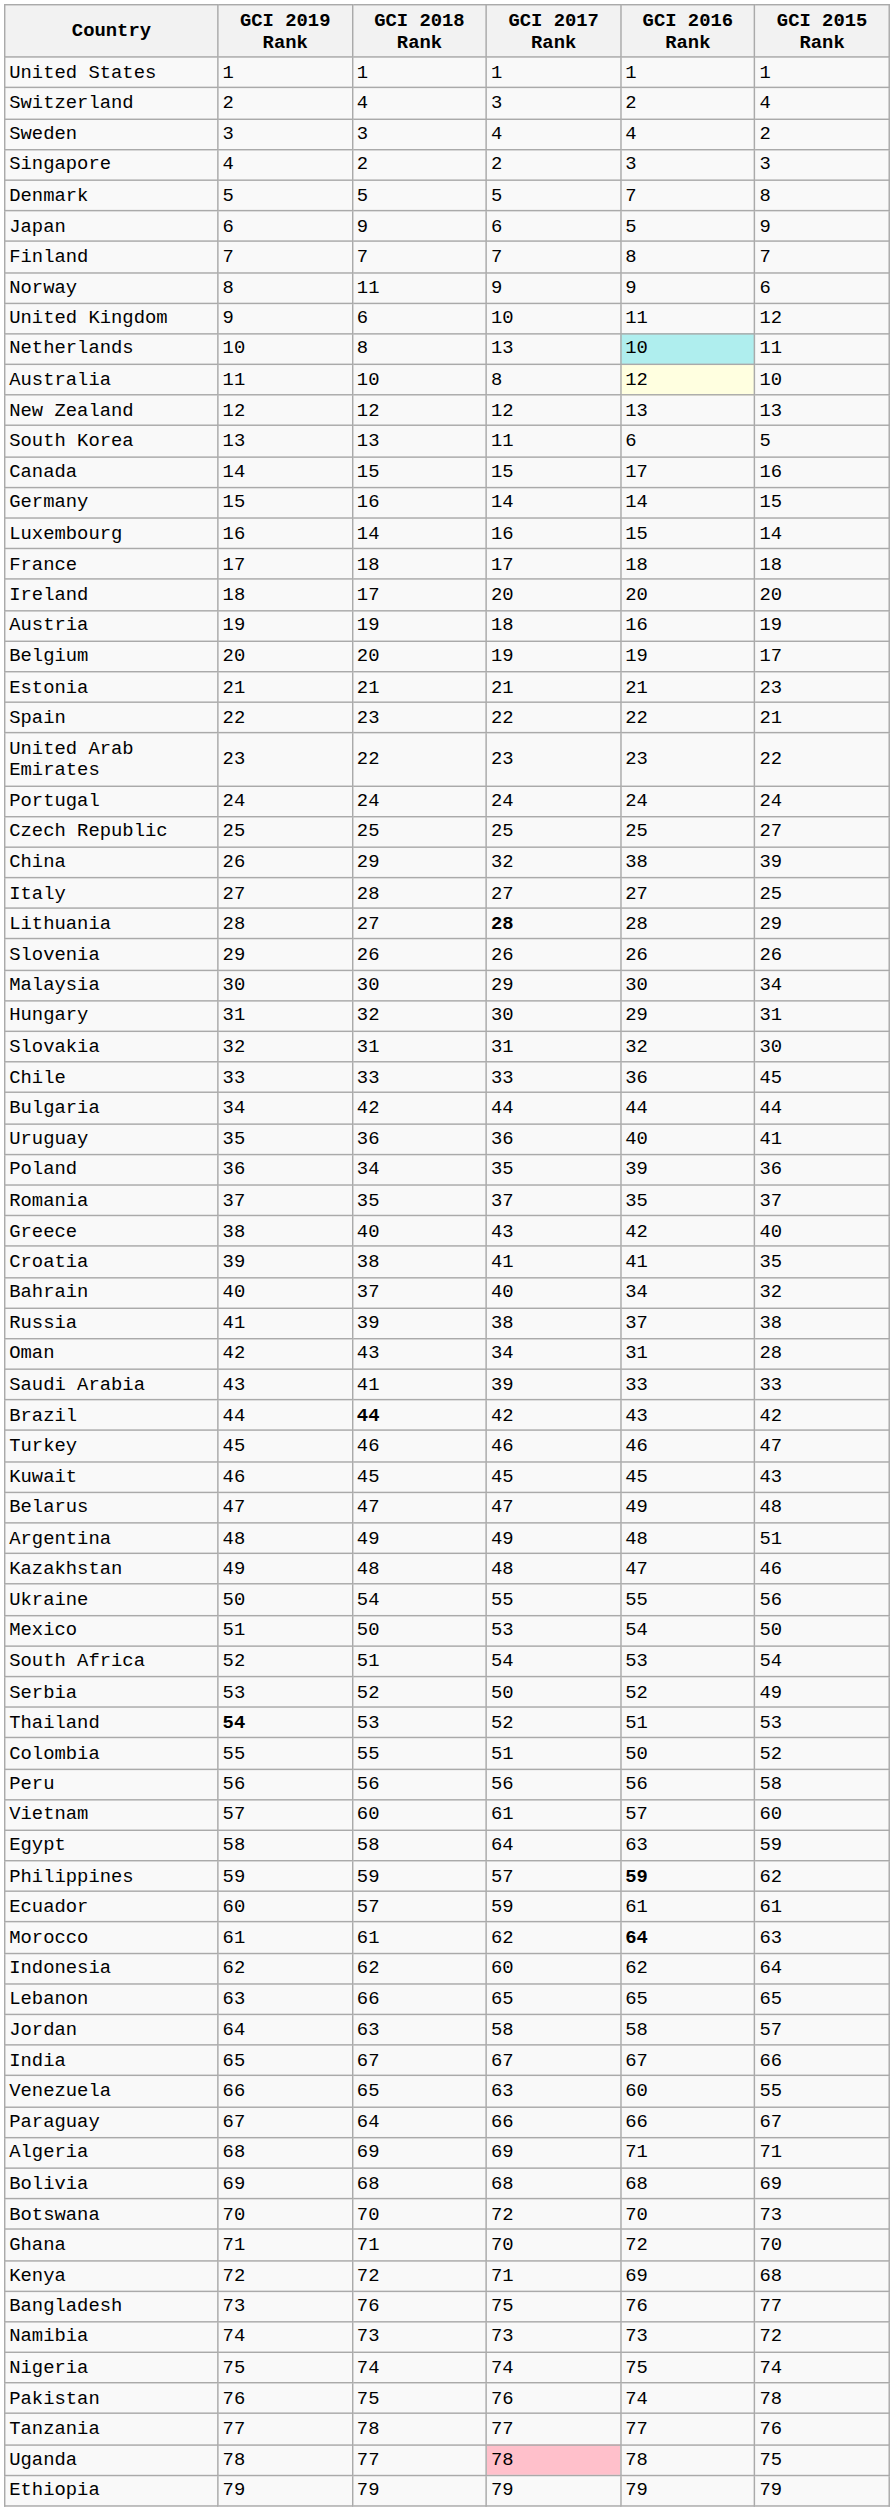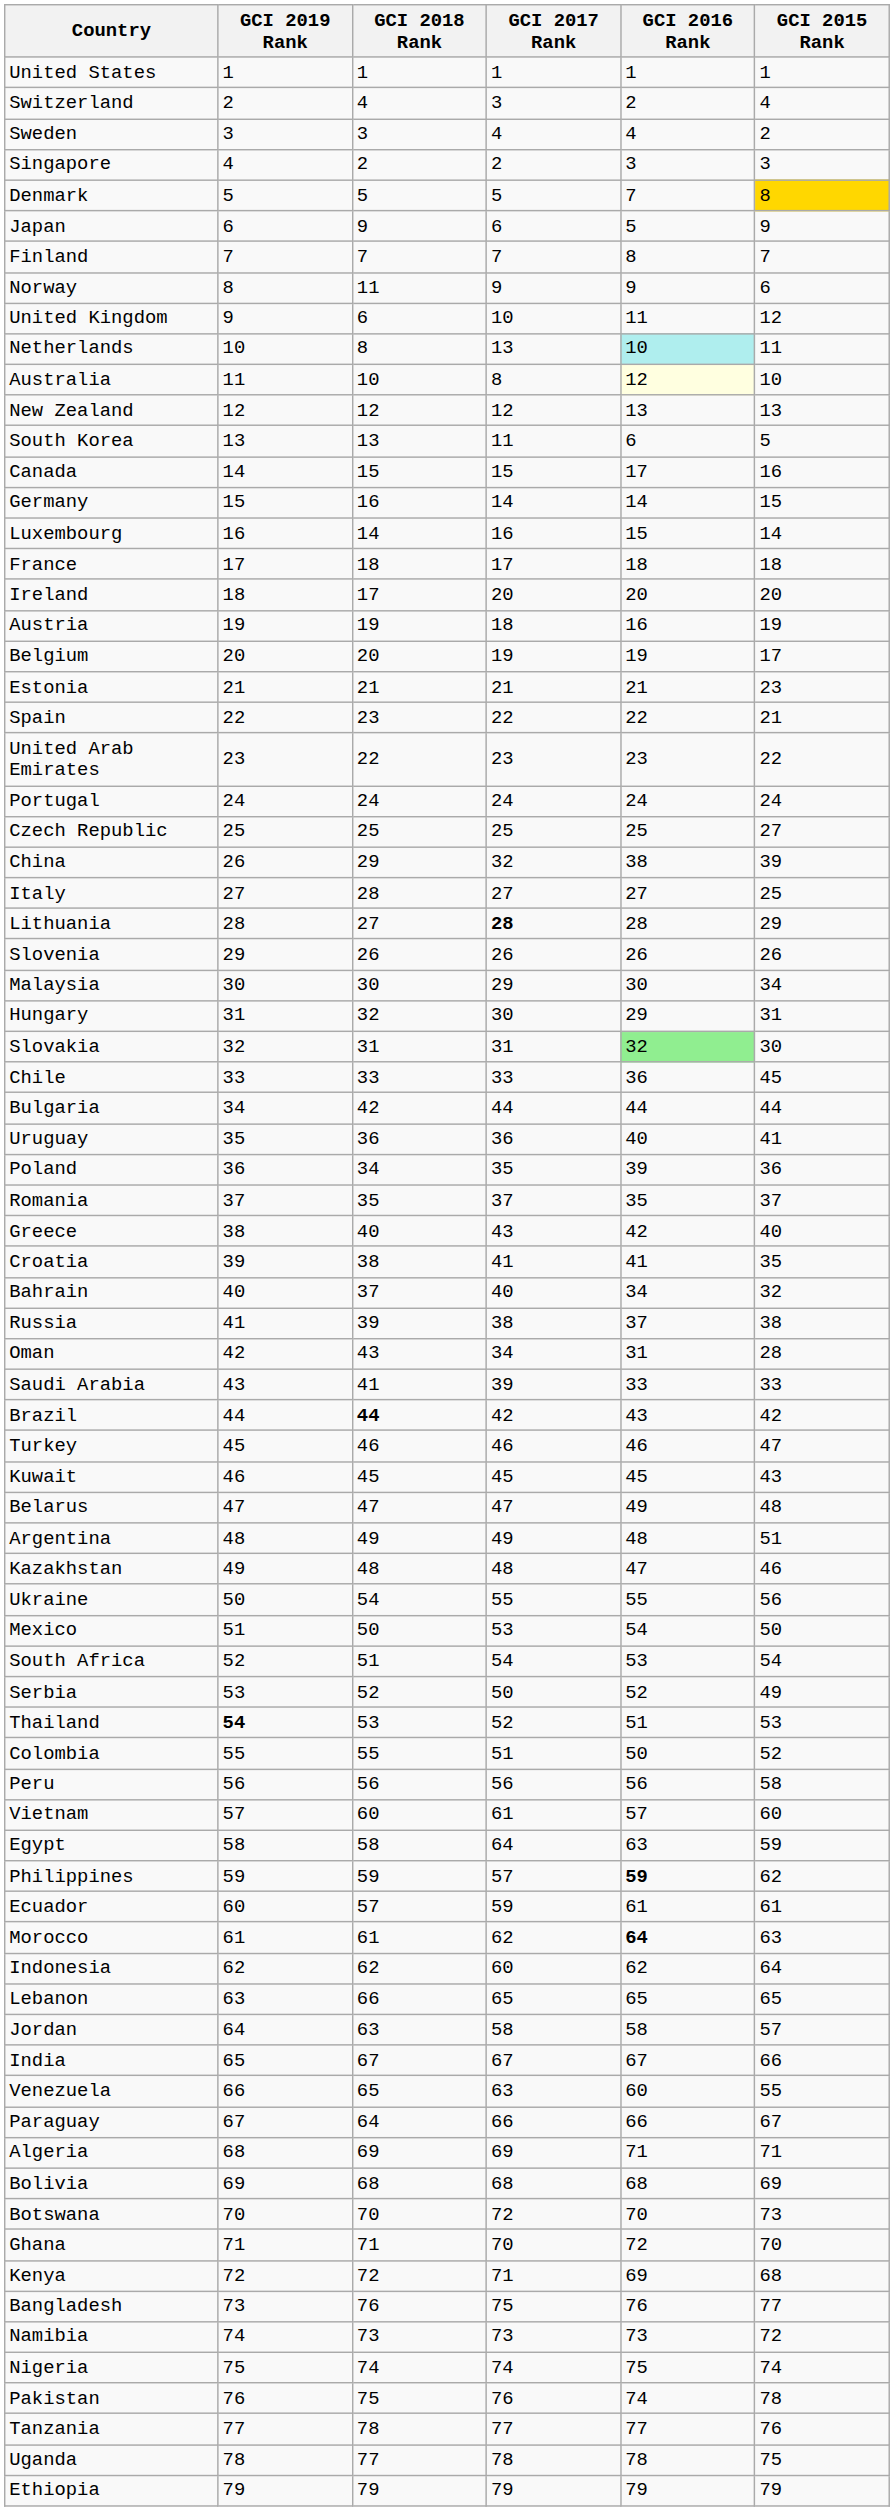 <table class="wikitable">
 <tr>
 <th>Country</th>
 <th>GCI 2019 Rank</th>
 <th>GCI 2018 Rank</th>
 <th>GCI 2017 Rank</th>
 <th>GCI 2016 Rank</th>
 <th>GCI 2015 Rank</th>
 </tr>
 <tr>
 <td>United States</td>
 <td>1</td>
 <td>1</td>
 <td>1</td>
 <td>1</td>
 <td>1</td>
 </tr>
 <tr>
 <td>Switzerland</td>
 <td>2</td>
 <td>4</td>
 <td>3</td>
 <td>2</td>
 <td>4</td>
 </tr>
 <tr>
 <td>Sweden</td>
 <td>3</td>
 <td>3</td>
 <td>4</td>
 <td>4</td>
 <td>2</td>
 </tr>
 <tr>
 <td>Singapore</td>
 <td>4</td>
 <td>2</td>
 <td>2</td>
 <td>3</td>
 <td>3</td>
 </tr>
 <tr>
 <td>Denmark</td>
 <td>5</td>
 <td>5</td>
 <td>5</td>
 <td>7</td>
-<td>8</td>
+<td style="background: gold;">8</td>
 </tr>
 <tr>
 <td>Japan</td>
 <td>6</td>
 <td>9</td>
 <td>6</td>
 <td>5</td>
 <td>9</td>
 </tr>
 <tr>
 <td>Finland</td>
 <td>7</td>
 <td>7</td>
 <td>7</td>
 <td>8</td>
 <td>7</td>
 </tr>
 <tr>
 <td>Norway</td>
 <td>8</td>
 <td>11</td>
 <td>9</td>
 <td>9</td>
 <td>6</td>
 </tr>
 <tr>
 <td>United Kingdom</td>
 <td>9</td>
 <td>6</td>
 <td>10</td>
 <td>11</td>
 <td>12</td>
 </tr>
 <tr>
 <td>Netherlands</td>
 <td>10</td>
 <td>8</td>
 <td>13</td>
 <td style="background: paleturquoise;">10</td>
 <td>11</td>
 </tr>
 <tr>
 <td>Australia</td>
 <td>11</td>
 <td>10</td>
 <td>8</td>
 <td style="background: lightyellow;">12</td>
 <td>10</td>
 </tr>
 <tr>
 <td>New Zealand</td>
 <td>12</td>
 <td>12</td>
 <td>12</td>
 <td>13</td>
 <td>13</td>
 </tr>
 <tr>
 <td>South Korea</td>
 <td>13</td>
 <td>13</td>
 <td>11</td>
 <td>6</td>
 <td>5</td>
 </tr>
 <tr>
 <td>Canada</td>
 <td>14</td>
 <td>15</td>
 <td>15</td>
 <td>17</td>
 <td>16</td>
 </tr>
 <tr>
 <td>Germany</td>
 <td>15</td>
 <td>16</td>
 <td>14</td>
 <td>14</td>
 <td>15</td>
 </tr>
 <tr>
 <td>Luxembourg</td>
 <td>16</td>
 <td>14</td>
 <td>16</td>
 <td>15</td>
 <td>14</td>
 </tr>
 <tr>
 <td>France</td>
 <td>17</td>
 <td>18</td>
 <td>17</td>
 <td>18</td>
 <td>18</td>
 </tr>
 <tr>
 <td>Ireland</td>
 <td>18</td>
 <td>17</td>
 <td>20</td>
 <td>20</td>
 <td>20</td>
 </tr>
 <tr>
 <td>Austria</td>
 <td>19</td>
 <td>19</td>
 <td>18</td>
 <td>16</td>
 <td>19</td>
 </tr>
 <tr>
 <td>Belgium</td>
 <td>20</td>
 <td>20</td>
 <td>19</td>
 <td>19</td>
 <td>17</td>
 </tr>
 <tr>
 <td>Estonia</td>
 <td>21</td>
 <td>21</td>
 <td>21</td>
 <td>21</td>
 <td>23</td>
 </tr>
 <tr>
 <td>Spain</td>
 <td>22</td>
 <td>23</td>
 <td>22</td>
 <td>22</td>
 <td>21</td>
 </tr>
 <tr>
 <td>United Arab Emirates</td>
 <td>23</td>
 <td>22</td>
 <td>23</td>
 <td>23</td>
 <td>22</td>
 </tr>
 <tr>
 <td>Portugal</td>
 <td>24</td>
 <td>24</td>
 <td>24</td>
 <td>24</td>
 <td>24</td>
 </tr>
 <tr>
 <td>Czech Republic</td>
 <td>25</td>
 <td>25</td>
 <td>25</td>
 <td>25</td>
 <td>27</td>
 </tr>
 <tr>
 <td>China</td>
 <td>26</td>
 <td>29</td>
 <td>32</td>
 <td>38</td>
 <td>39</td>
 </tr>
 <tr>
 <td>Italy</td>
 <td>27</td>
 <td>28</td>
 <td>27</td>
 <td>27</td>
 <td>25</td>
 </tr>
 <tr>
 <td>Lithuania</td>
 <td>28</td>
 <td>27</td>
 <td><strong>28</strong></td>
 <td>28</td>
 <td>29</td>
 </tr>
 <tr>
 <td>Slovenia</td>
 <td>29</td>
 <td>26</td>
 <td>26</td>
 <td>26</td>
 <td>26</td>
 </tr>
 <tr>
 <td>Malaysia</td>
 <td>30</td>
 <td>30</td>
 <td>29</td>
 <td>30</td>
 <td>34</td>
 </tr>
 <tr>
 <td>Hungary</td>
 <td>31</td>
 <td>32</td>
 <td>30</td>
 <td>29</td>
 <td>31</td>
 </tr>
 <tr>
 <td>Slovakia</td>
 <td>32</td>
 <td>31</td>
 <td>31</td>
-<td>32</td>
+<td style="background: lightgreen;">32</td>
 <td>30</td>
 </tr>
 <tr>
 <td>Chile</td>
 <td>33</td>
 <td>33</td>
 <td>33</td>
 <td>36</td>
 <td>45</td>
 </tr>
 <tr>
 <td>Bulgaria</td>
 <td>34</td>
 <td>42</td>
 <td>44</td>
 <td>44</td>
 <td>44</td>
 </tr>
 <tr>
 <td>Uruguay</td>
 <td>35</td>
 <td>36</td>
 <td>36</td>
 <td>40</td>
 <td>41</td>
 </tr>
 <tr>
 <td>Poland</td>
 <td>36</td>
 <td>34</td>
 <td>35</td>
 <td>39</td>
 <td>36</td>
 </tr>
 <tr>
 <td>Romania</td>
 <td>37</td>
 <td>35</td>
 <td>37</td>
 <td>35</td>
 <td>37</td>
 </tr>
 <tr>
 <td>Greece</td>
 <td>38</td>
 <td>40</td>
 <td>43</td>
 <td>42</td>
 <td>40</td>
 </tr>
 <tr>
 <td>Croatia</td>
 <td>39</td>
 <td>38</td>
 <td>41</td>
 <td>41</td>
 <td>35</td>
 </tr>
 <tr>
 <td>Bahrain</td>
 <td>40</td>
 <td>37</td>
 <td>40</td>
 <td>34</td>
 <td>32</td>
 </tr>
 <tr>
 <td>Russia</td>
 <td>41</td>
 <td>39</td>
 <td>38</td>
 <td>37</td>
 <td>38</td>
 </tr>
 <tr>
 <td>Oman</td>
 <td>42</td>
 <td>43</td>
 <td>34</td>
 <td>31</td>
 <td>28</td>
 </tr>
 <tr>
 <td>Saudi Arabia</td>
 <td>43</td>
 <td>41</td>
 <td>39</td>
 <td>33</td>
 <td>33</td>
 </tr>
 <tr>
 <td>Brazil</td>
 <td>44</td>
 <td><strong>44</strong></td>
 <td>42</td>
 <td>43</td>
 <td>42</td>
 </tr>
 <tr>
 <td>Turkey</td>
 <td>45</td>
 <td>46</td>
 <td>46</td>
 <td>46</td>
 <td>47</td>
 </tr>
 <tr>
 <td>Kuwait</td>
 <td>46</td>
 <td>45</td>
 <td>45</td>
 <td>45</td>
 <td>43</td>
 </tr>
 <tr>
 <td>Belarus</td>
 <td>47</td>
 <td>47</td>
 <td>47</td>
 <td>49</td>
 <td>48</td>
 </tr>
 <tr>
 <td>Argentina</td>
 <td>48</td>
 <td>49</td>
 <td>49</td>
 <td>48</td>
 <td>51</td>
 </tr>
 <tr>
 <td>Kazakhstan</td>
 <td>49</td>
 <td>48</td>
 <td>48</td>
 <td>47</td>
 <td>46</td>
 </tr>
 <tr>
 <td>Ukraine</td>
 <td>50</td>
 <td>54</td>
 <td>55</td>
 <td>55</td>
 <td>56</td>
 </tr>
 <tr>
 <td>Mexico</td>
 <td>51</td>
 <td>50</td>
 <td>53</td>
 <td>54</td>
 <td>50</td>
 </tr>
 <tr>
 <td>South Africa</td>
 <td>52</td>
 <td>51</td>
 <td>54</td>
 <td>53</td>
 <td>54</td>
 </tr>
 <tr>
 <td>Serbia</td>
 <td>53</td>
 <td>52</td>
 <td>50</td>
 <td>52</td>
 <td>49</td>
 </tr>
 <tr>
 <td>Thailand</td>
 <td><strong>54</strong></td>
 <td>53</td>
 <td>52</td>
 <td>51</td>
 <td>53</td>
 </tr>
 <tr>
 <td>Colombia</td>
 <td>55</td>
 <td>55</td>
 <td>51</td>
 <td>50</td>
 <td>52</td>
 </tr>
 <tr>
 <td>Peru</td>
 <td>56</td>
 <td>56</td>
 <td>56</td>
 <td>56</td>
 <td>58</td>
 </tr>
 <tr>
 <td>Vietnam</td>
 <td>57</td>
 <td>60</td>
 <td>61</td>
 <td>57</td>
 <td>60</td>
 </tr>
 <tr>
 <td>Egypt</td>
 <td>58</td>
 <td>58</td>
 <td>64</td>
 <td>63</td>
 <td>59</td>
 </tr>
 <tr>
 <td>Philippines</td>
 <td>59</td>
 <td>59</td>
 <td>57</td>
 <td><strong>59</strong></td>
 <td>62</td>
 </tr>
 <tr>
 <td>Ecuador</td>
 <td>60</td>
 <td>57</td>
 <td>59</td>
 <td>61</td>
 <td>61</td>
 </tr>
 <tr>
 <td>Morocco</td>
 <td>61</td>
 <td>61</td>
 <td>62</td>
 <td><strong>64</strong></td>
 <td>63</td>
 </tr>
 <tr>
 <td>Indonesia</td>
 <td>62</td>
 <td>62</td>
 <td>60</td>
 <td>62</td>
 <td>64</td>
 </tr>
 <tr>
 <td>Lebanon</td>
 <td>63</td>
 <td>66</td>
 <td>65</td>
 <td>65</td>
 <td>65</td>
 </tr>
 <tr>
 <td>Jordan</td>
 <td>64</td>
 <td>63</td>
 <td>58</td>
 <td>58</td>
 <td>57</td>
 </tr>
 <tr>
 <td>India</td>
 <td>65</td>
 <td>67</td>
 <td>67</td>
 <td>67</td>
 <td>66</td>
 </tr>
 <tr>
 <td>Venezuela</td>
 <td>66</td>
 <td>65</td>
 <td>63</td>
 <td>60</td>
 <td>55</td>
 </tr>
 <tr>
 <td>Paraguay</td>
 <td>67</td>
 <td>64</td>
 <td>66</td>
 <td>66</td>
 <td>67</td>
 </tr>
 <tr>
 <td>Algeria</td>
 <td>68</td>
 <td>69</td>
 <td>69</td>
 <td>71</td>
 <td>71</td>
 </tr>
 <tr>
 <td>Bolivia</td>
 <td>69</td>
 <td>68</td>
 <td>68</td>
 <td>68</td>
 <td>69</td>
 </tr>
 <tr>
 <td>Botswana</td>
 <td>70</td>
 <td>70</td>
 <td>72</td>
 <td>70</td>
 <td>73</td>
 </tr>
 <tr>
 <td>Ghana</td>
 <td>71</td>
 <td>71</td>
 <td>70</td>
 <td>72</td>
 <td>70</td>
 </tr>
 <tr>
 <td>Kenya</td>
 <td>72</td>
 <td>72</td>
 <td>71</td>
 <td>69</td>
 <td>68</td>
 </tr>
 <tr>
 <td>Bangladesh</td>
 <td>73</td>
 <td>76</td>
 <td>75</td>
 <td>76</td>
 <td>77</td>
 </tr>
 <tr>
 <td>Namibia</td>
 <td>74</td>
 <td>73</td>
 <td>73</td>
 <td>73</td>
 <td>72</td>
 </tr>
 <tr>
 <td>Nigeria</td>
 <td>75</td>
 <td>74</td>
 <td>74</td>
 <td>75</td>
 <td>74</td>
 </tr>
 <tr>
 <td>Pakistan</td>
 <td>76</td>
 <td>75</td>
 <td>76</td>
 <td>74</td>
 <td>78</td>
 </tr>
 <tr>
 <td>Tanzania</td>
 <td>77</td>
 <td>78</td>
 <td>77</td>
 <td>77</td>
 <td>76</td>
 </tr>
 <tr>
 <td>Uganda</td>
 <td>78</td>
 <td>77</td>
-<td style="background: pink;">78</td>
+<td>78</td>
 <td>78</td>
 <td>75</td>
 </tr>
 <tr>
 <td>Ethiopia</td>
 <td>79</td>
 <td>79</td>
 <td>79</td>
 <td>79</td>
 <td>79</td>
 </tr>
 </table>
